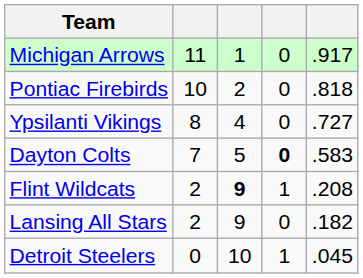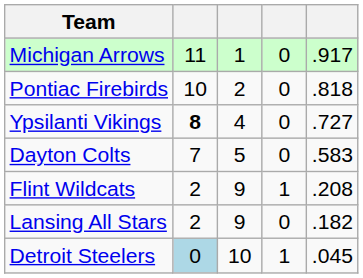 <table class="wikitable" style="font-size:95%; text-align:center">
 <tr>
 <th>Team</th>
 <th width="25"></th>
 <th width="25"></th>
 <th width="25"></th>
 <th width="30"></th>
 </tr>
 <tr style="background:#cfc;">
 <td style="text-align:left;"><a href='#'>Michigan Arrows</a></td>
 <td>11</td>
 <td>1</td>
 <td>0</td>
 <td>.917</td>
 </tr>
 <tr>
 <td style="text-align:left;"><a href='#'>Pontiac Firebirds</a></td>
 <td>10</td>
 <td>2</td>
 <td>0</td>
 <td>.818</td>
 </tr>
 <tr>
 <td style="text-align:left;"><a href='#'>Ypsilanti Vikings</a></td>
-<td>8</td>
+<td><strong>8</strong></td>
 <td>4</td>
 <td>0</td>
 <td>.727</td>
 </tr>
 <tr>
 <td style="text-align:left;"><a href='#'>Dayton Colts</a></td>
 <td>7</td>
 <td>5</td>
-<td><strong>0</strong></td>
+<td>0</td>
 <td>.583</td>
 </tr>
 <tr>
 <td style="text-align:left;"><a href='#'>Flint Wildcats</a></td>
 <td>2</td>
-<td><strong>9</strong></td>
+<td>9</td>
 <td>1</td>
 <td>.208</td>
 </tr>
 <tr>
 <td style="text-align:left;"><a href='#'>Lansing All Stars</a></td>
 <td>2</td>
 <td>9</td>
 <td>0</td>
 <td>.182</td>
 </tr>
 <tr>
 <td style="text-align:left;"><a href='#'>Detroit Steelers</a></td>
-<td>0</td>
+<td style="background: lightblue;">0</td>
 <td>10</td>
 <td>1</td>
 <td>.045</td>
 </tr>
 </table>
